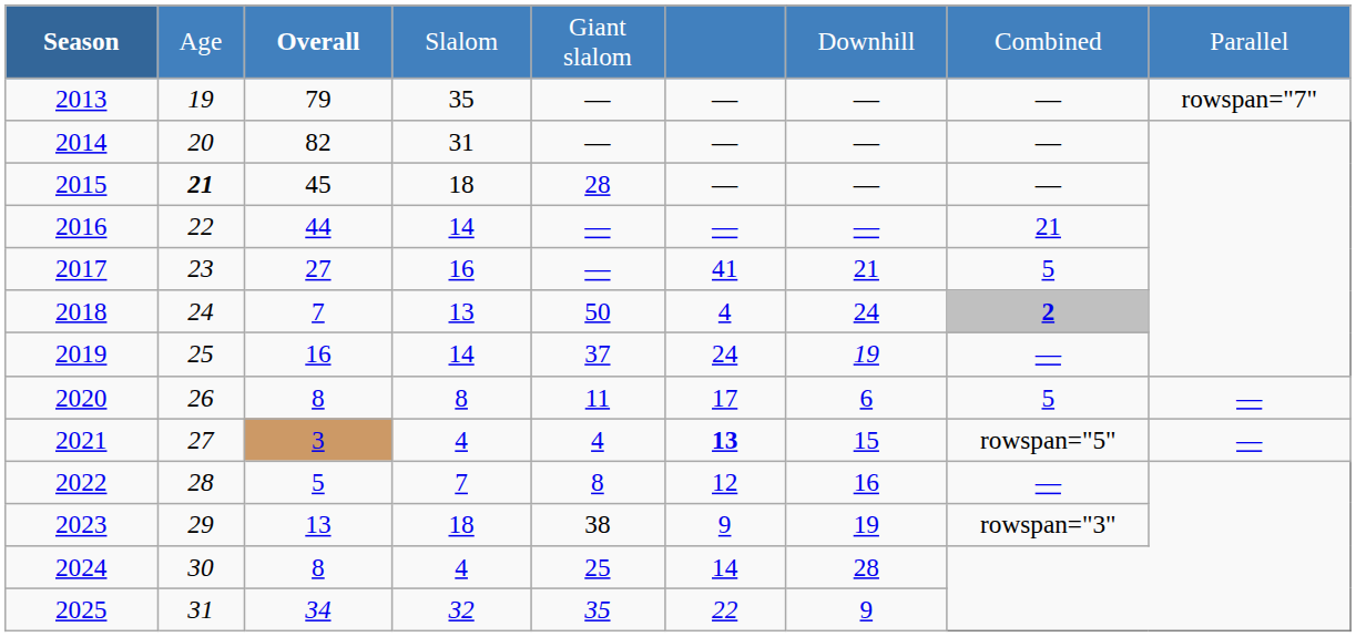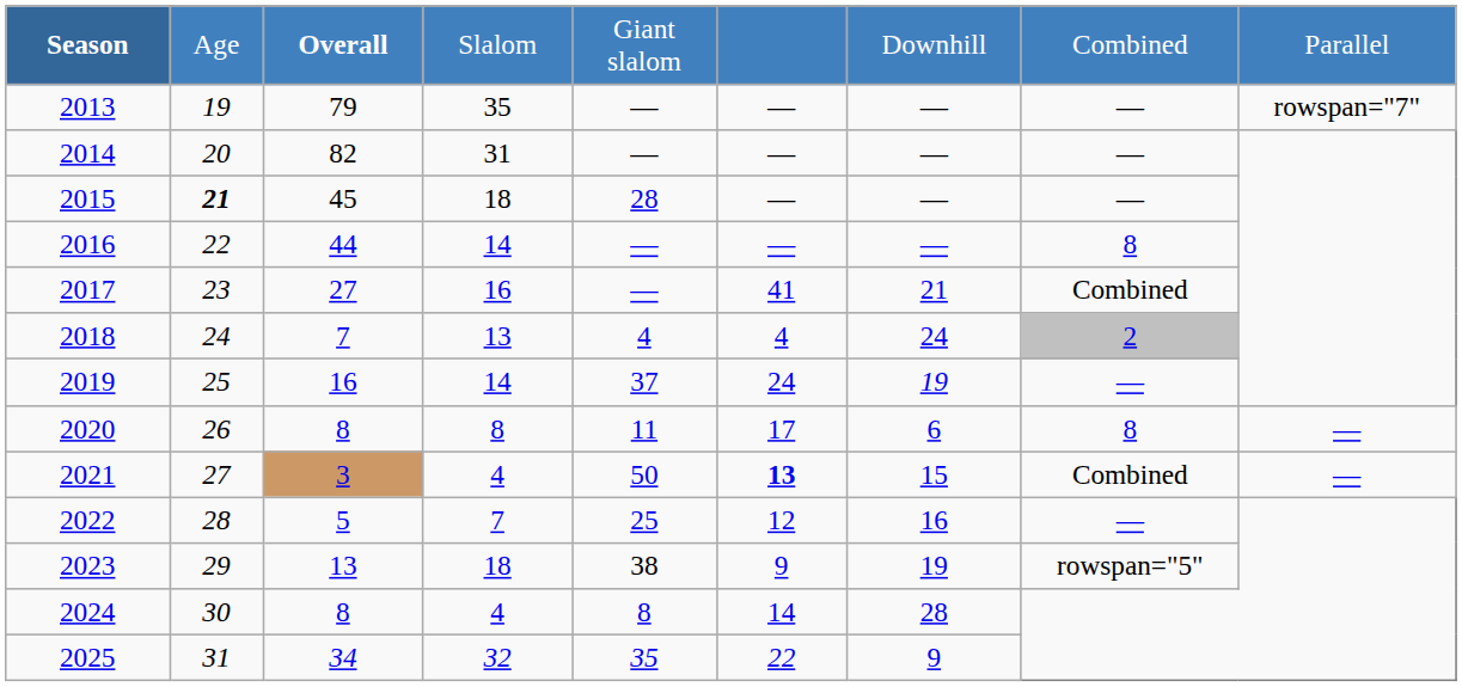 <table class="wikitable"  style="font-size:95%; text-align:center; border:gray solid 1px; width:40%;">
 <tr style="background:#369; color:white;">
 <td rowspan="2" style="width:6%;"><strong>Season</strong></td>
 </tr>
 <tr style="background:#4180be; color:white;">
 <td style="width:3%;">Age</td>
 <td style="width:5%;"><strong>Overall</strong></td>
 <td style="width:5%;">Slalom</td>
 <td style="width:5%;">Giant<br>slalom</td>
 <td style="width:5%;"></td>
 <td style="width:5%;">Downhill</td>
 <td style="width:5%;">Combined</td>
 <td style="width:5%;">Parallel</td>
 </tr>
 <tr>
 <td><a href='#'>2013</a></td>
 <td><em>19</em></td>
 <td>79</td>
 <td>35</td>
 <td>—</td>
 <td>—</td>
 <td>—</td>
 <td>—</td>
 <td>rowspan="7" </td>
 </tr>
 <tr>
 <td><a href='#'>2014</a></td>
 <td><em>20</em></td>
 <td>82</td>
 <td>31</td>
 <td>—</td>
 <td>—</td>
 <td>—</td>
 <td>—</td>
 </tr>
 <tr>
 <td><a href='#'>2015</a></td>
 <td><strong><em>21</em></strong></td>
 <td>45</td>
 <td>18</td>
 <td><a href='#'>28</a></td>
 <td>—</td>
 <td>—</td>
 <td>—</td>
 </tr>
 <tr>
 <td><a href='#'>2016</a></td>
 <td><em>22</em></td>
 <td><a href='#'>44</a></td>
 <td><a href='#'>14</a></td>
 <td><a href='#'>—</a></td>
 <td><a href='#'>—</a></td>
 <td><a href='#'>—</a></td>
-<td><a href='#'>21</a></td>
+<td><a href='#'>8</a></td>
 </tr>
 <tr>
 <td><a href='#'>2017</a></td>
 <td><em>23</em></td>
 <td><a href='#'>27</a></td>
 <td><a href='#'>16</a></td>
 <td><a href='#'>—</a></td>
 <td><a href='#'>41</a></td>
 <td><a href='#'>21</a></td>
-<td><a href='#'>5</a></td>
+<td style="width:5%;">Combined</td>
 </tr>
 <tr>
 <td><a href='#'>2018</a></td>
 <td><em>24</em></td>
 <td><a href='#'>7</a></td>
 <td><a href='#'>13</a></td>
-<td><a href='#'>50</a></td>
+<td><a href='#'>4</a></td>
 <td><a href='#'>4</a></td>
 <td><a href='#'>24</a></td>
-<td style="background:silver;"><strong><a href='#'>2</a></strong></td>
+<td style="background:silver;"><a href='#'>2</a></td>
 </tr>
 <tr>
 <td><a href='#'>2019</a></td>
 <td><em>25</em></td>
 <td><a href='#'>16</a></td>
 <td><a href='#'>14</a></td>
 <td><a href='#'>37</a></td>
 <td><a href='#'>24</a></td>
 <td><a href='#'><em>19</em></a></td>
 <td><a href='#'>—</a></td>
 </tr>
 <tr>
 <td><a href='#'>2020</a></td>
 <td><em>26</em></td>
 <td><a href='#'>8</a></td>
 <td><a href='#'>8</a></td>
 <td><a href='#'>11</a></td>
 <td><a href='#'>17</a></td>
 <td><a href='#'>6</a></td>
-<td><a href='#'>5</a></td>
+<td><a href='#'>8</a></td>
 <td><a href='#'>—</a></td>
 </tr>
 <tr>
 <td><a href='#'>2021</a></td>
 <td><em>27</em></td>
 <td bgcolor="cc9966"><a href='#'>3</a></td>
 <td><a href='#'>4</a></td>
-<td><a href='#'>4</a></td>
+<td><a href='#'>50</a></td>
 <td><strong><a href='#'>13</a></strong></td>
 <td><a href='#'>15</a></td>
-<td>rowspan="5" </td>
+<td style="width:5%;">Combined</td>
 <td><a href='#'>—</a></td>
 </tr>
 <tr>
 <td><a href='#'>2022</a></td>
 <td><em>28</em></td>
 <td><a href='#'>5</a></td>
 <td><a href='#'>7</a></td>
-<td><a href='#'>8</a></td>
+<td><a href='#'>25</a></td>
 <td><a href='#'>12</a></td>
 <td><a href='#'>16</a></td>
 <td><a href='#'>—</a></td>
 </tr>
 <tr>
 <td><a href='#'>2023</a></td>
 <td><em>29</em></td>
 <td><a href='#'>13</a></td>
 <td><a href='#'>18</a></td>
 <td>38</td>
 <td><a href='#'>9</a></td>
 <td><a href='#'>19</a></td>
-<td>rowspan="3" </td>
+<td>rowspan="5" </td>
 </tr>
 <tr>
 <td><a href='#'>2024</a></td>
 <td><em>30</em></td>
 <td><a href='#'>8</a></td>
 <td><a href='#'>4</a></td>
-<td><a href='#'>25</a></td>
+<td><a href='#'>8</a></td>
 <td><a href='#'>14</a></td>
 <td><a href='#'>28</a></td>
 </tr>
 <tr>
 <td><a href='#'>2025</a></td>
 <td><em>31</em></td>
 <td><a href='#'><em>34</em></a></td>
 <td><a href='#'><em>32</em></a></td>
 <td><a href='#'><em>35</em></a></td>
 <td><a href='#'><em>22</em></a></td>
 <td><a href='#'>9</a></td>
 </tr>
 </table>
